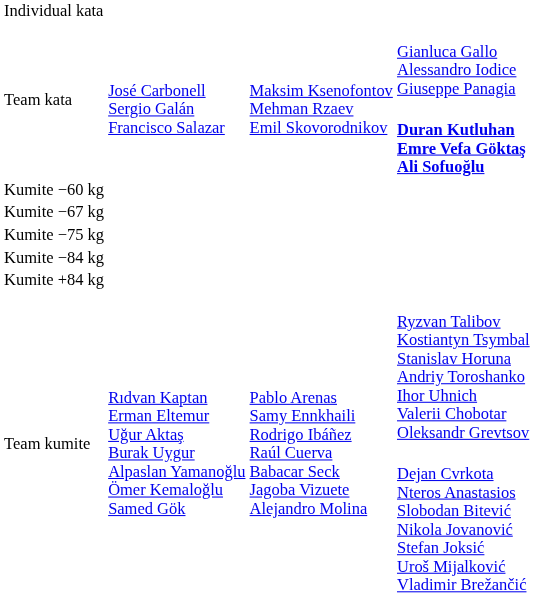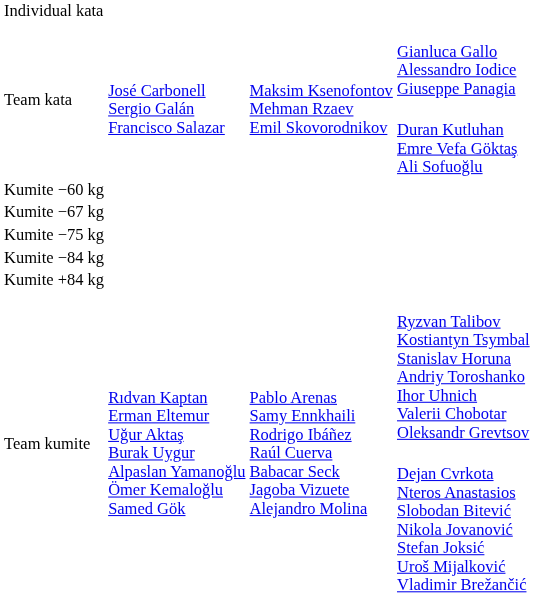 <table>
 <tr>
 <td rowspan=2>Individual kata</td>
 <td rowspan=2></td>
 <td rowspan=2></td>
 <td></td>
 </tr>
 <tr>
 <td></td>
 </tr>
 <tr>
 <td rowspan=2>Team kata</td>
 <td rowspan=2><br><a href='#'>José Carbonell</a><br><a href='#'>Sergio Galán</a><br><a href='#'>Francisco Salazar</a></td>
 <td rowspan=2><br><a href='#'>Maksim Ksenofontov</a><br><a href='#'>Mehman Rzaev</a><br><a href='#'>Emil Skovorodnikov</a></td>
 <td><br><a href='#'>Gianluca Gallo</a><br><a href='#'>Alessandro Iodice</a><br><a href='#'>Giuseppe Panagia</a></td>
 </tr>
 <tr>
-<td><strong><br><a href='#'>Duran Kutluhan</a><br><a href='#'>Emre Vefa Göktaş</a><br><a href='#'>Ali Sofuoğlu</a></strong></td>
+<td><br><a href='#'>Duran Kutluhan</a><br><a href='#'>Emre Vefa Göktaş</a><br><a href='#'>Ali Sofuoğlu</a></td>
 </tr>
 <tr>
 <td rowspan=2>Kumite −60 kg</td>
 <td rowspan=2></td>
 <td rowspan=2></td>
 <td></td>
 </tr>
 <tr>
 <td></td>
 </tr>
 <tr>
 <td rowspan=2>Kumite −67 kg</td>
 <td rowspan=2></td>
 <td rowspan=2></td>
 <td></td>
 </tr>
 <tr>
 <td></td>
 </tr>
 <tr>
 <td rowspan=2>Kumite −75 kg</td>
 <td rowspan=2></td>
 <td rowspan=2></td>
 <td></td>
 </tr>
 <tr>
 <td></td>
 </tr>
 <tr>
 <td rowspan=2>Kumite −84 kg</td>
 <td rowspan=2></td>
 <td rowspan=2></td>
 <td></td>
 </tr>
 <tr>
 <td></td>
 </tr>
 <tr>
 <td rowspan=2>Kumite +84 kg</td>
 <td rowspan=2></td>
 <td rowspan=2></td>
 <td></td>
 </tr>
 <tr>
 <td></td>
 </tr>
 <tr>
 <td rowspan=2>Team kumite</td>
 <td rowspan=2><br><a href='#'>Rıdvan Kaptan</a><br><a href='#'>Erman Eltemur</a><br><a href='#'>Uğur Aktaş</a><br><a href='#'>Burak Uygur</a><br><a href='#'>Alpaslan Yamanoğlu</a><br><a href='#'>Ömer Kemaloğlu</a><br><a href='#'>Samed Gök</a></td>
 <td rowspan=2><br><a href='#'>Pablo Arenas</a><br><a href='#'>Samy Ennkhaili</a><br><a href='#'>Rodrigo Ibáñez</a><br><a href='#'>Raúl Cuerva</a><br><a href='#'>Babacar Seck</a><br><a href='#'>Jagoba Vizuete</a><br><a href='#'>Alejandro Molina</a></td>
 <td><br><a href='#'>Ryzvan Talibov</a><br><a href='#'>Kostiantyn Tsymbal</a><br><a href='#'>Stanislav Horuna</a><br><a href='#'>Andriy Toroshanko</a><br><a href='#'>Ihor Uhnich</a><br><a href='#'>Valerii Chobotar</a><br><a href='#'>Oleksandr Grevtsov</a></td>
 </tr>
 <tr>
 <td><br><a href='#'>Dejan Cvrkota</a><br><a href='#'>Nteros Anastasios</a><br><a href='#'>Slobodan Bitević</a><br><a href='#'>Nikola Jovanović</a><br><a href='#'>Stefan Joksić</a><br><a href='#'>Uroš Mijalković</a><br><a href='#'>Vladimir Brežančić</a></td>
 </tr>
 </table>
